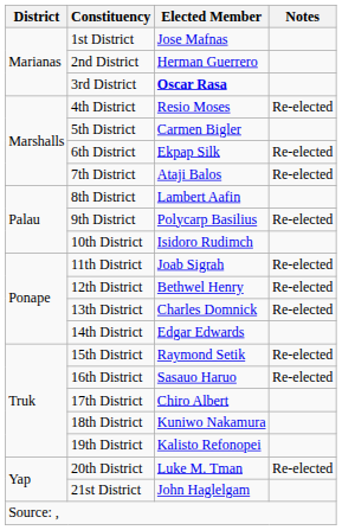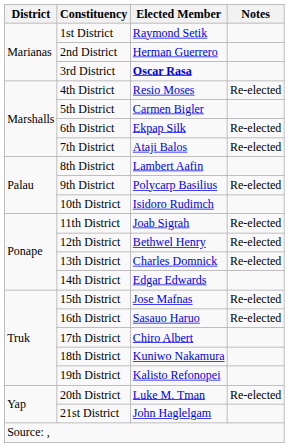 <table class=wikitable>
 <tr>
 <th>District</th>
 <th>Constituency</th>
 <th>Elected Member</th>
 <th>Notes</th>
 </tr>
 <tr>
 <td rowspan=3>Marianas</td>
 <td>1st District</td>
-<td><a href='#'>Jose Mafnas</a></td>
+<td><a href='#'>Raymond Setik</a></td>
 <td></td>
 </tr>
 <tr>
 <td>2nd District</td>
 <td><a href='#'>Herman Guerrero</a></td>
 <td></td>
 </tr>
 <tr>
 <td>3rd District</td>
 <td><strong><a href='#'>Oscar Rasa</a></strong></td>
 <td></td>
 </tr>
 <tr>
 <td rowspan=4>Marshalls</td>
 <td>4th District</td>
 <td><a href='#'>Resio Moses</a></td>
 <td>Re-elected</td>
 </tr>
 <tr>
 <td>5th District</td>
 <td><a href='#'>Carmen Bigler</a></td>
 <td></td>
 </tr>
 <tr>
 <td>6th District</td>
 <td><a href='#'>Ekpap Silk</a></td>
 <td>Re-elected</td>
 </tr>
 <tr>
 <td>7th District</td>
 <td><a href='#'>Ataji Balos</a></td>
 <td>Re-elected</td>
 </tr>
 <tr>
 <td rowspan=3>Palau</td>
 <td>8th District</td>
 <td><a href='#'>Lambert Aafin</a></td>
 <td></td>
 </tr>
 <tr>
 <td>9th District</td>
 <td><a href='#'>Polycarp Basilius</a></td>
 <td>Re-elected</td>
 </tr>
 <tr>
 <td>10th District</td>
 <td><a href='#'>Isidoro Rudimch</a></td>
 <td></td>
 </tr>
 <tr>
 <td rowspan=4>Ponape</td>
 <td>11th District</td>
 <td><a href='#'>Joab Sigrah</a></td>
 <td>Re-elected</td>
 </tr>
 <tr>
 <td>12th District</td>
 <td><a href='#'>Bethwel Henry</a></td>
 <td>Re-elected</td>
 </tr>
 <tr>
 <td>13th District</td>
 <td><a href='#'>Charles Domnick</a></td>
 <td>Re-elected</td>
 </tr>
 <tr>
 <td>14th District</td>
 <td><a href='#'>Edgar Edwards</a></td>
 <td></td>
 </tr>
 <tr>
 <td rowspan=5>Truk</td>
 <td>15th District</td>
-<td><a href='#'>Raymond Setik</a></td>
+<td><a href='#'>Jose Mafnas</a></td>
 <td>Re-elected</td>
 </tr>
 <tr>
 <td>16th District</td>
 <td><a href='#'>Sasauo Haruo</a></td>
 <td>Re-elected</td>
 </tr>
 <tr>
 <td>17th District</td>
 <td><a href='#'>Chiro Albert</a></td>
 <td></td>
 </tr>
 <tr>
 <td>18th District</td>
 <td><a href='#'>Kuniwo Nakamura</a></td>
 <td></td>
 </tr>
 <tr>
 <td>19th District</td>
 <td><a href='#'>Kalisto Refonopei</a></td>
 <td></td>
 </tr>
 <tr>
 <td rowspan=2>Yap</td>
 <td>20th District</td>
 <td><a href='#'>Luke M. Tman</a></td>
 <td>Re-elected</td>
 </tr>
 <tr>
 <td>21st District</td>
 <td><a href='#'>John Haglelgam</a></td>
 <td></td>
 </tr>
 <tr>
 <td colspan=4>Source: , </td>
 </tr>
 </table>
